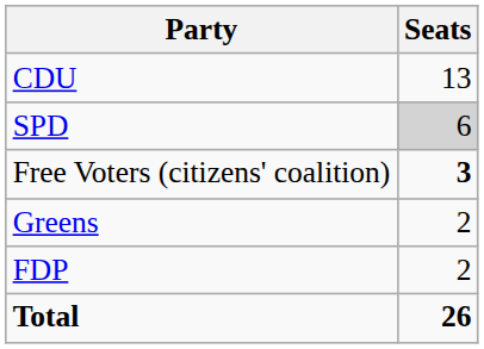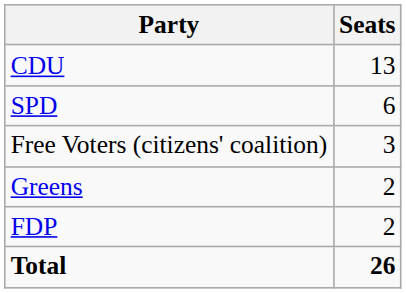 <table class=wikitable>
 <tr>
 <th>Party</th>
 <th>Seats</th>
 </tr>
 <tr>
 <td><a href='#'>CDU</a></td>
 <td align="right">13</td>
 </tr>
 <tr>
 <td><a href='#'>SPD</a></td>
-<td align="right" style="background: lightgrey;">6</td>
+<td align="right">6</td>
 </tr>
 <tr>
 <td>Free Voters (citizens' coalition)</td>
-<td align="right"><strong>3</strong></td>
+<td align="right">3</td>
 </tr>
 <tr>
 <td><a href='#'>Greens</a></td>
 <td align="right">2</td>
 </tr>
 <tr>
 <td><a href='#'>FDP</a></td>
 <td align="right">2</td>
 </tr>
 <tr>
 <td><strong>Total</strong></td>
 <td align="right"><strong>26</strong></td>
 </tr>
 </table>
